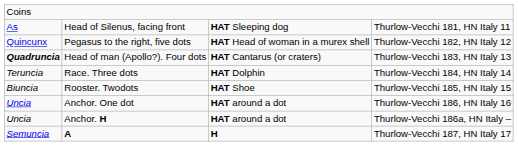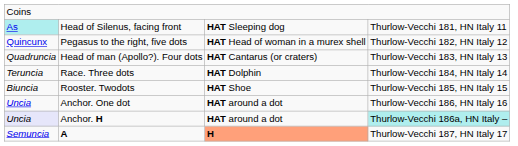 <table class="wikitable">
 <tr>
 <td colspan="4">Coins</td>
 </tr>
 <tr>
-<td><a href='#'>As</a></td>
+<td style="background: paleturquoise;"><a href='#'>As</a></td>
 <td>Head of Silenus, facing front</td>
 <td><strong>HAT</strong> Sleeping dog</td>
 <td>Thurlow-Vecchi 181, HN Italy 11</td>
 </tr>
 <tr>
 <td><a href='#'>Quincunx</a></td>
 <td>Pegasus to the right, five dots</td>
 <td><strong>HAT</strong> Head of woman in a murex shell</td>
 <td>Thurlow-Vecchi 182, HN Italy 12</td>
 </tr>
 <tr>
-<td><strong><em>Quadruncia</em></strong></td>
+<td><em>Quadruncia</em></td>
 <td>Head of man (Apollo?). Four dots</td>
 <td><strong>HAT</strong> Cantarus (or craters)</td>
 <td>Thurlow-Vecchi 183, HN Italy 13</td>
 </tr>
 <tr>
 <td><em>Teruncia</em></td>
 <td>Race. Three dots</td>
 <td><strong>HAT</strong> Dolphin</td>
 <td>Thurlow-Vecchi 184, HN Italy 14</td>
 </tr>
 <tr>
 <td><em>Biuncia</em></td>
 <td>Rooster. Twodots</td>
 <td><strong>HAT</strong> Shoe</td>
 <td>Thurlow-Vecchi 185, HN Italy 15</td>
 </tr>
 <tr>
 <td><em><a href='#'>Uncia</a></em></td>
 <td>Anchor. One dot</td>
 <td><strong>HAT</strong> around a dot</td>
 <td>Thurlow-Vecchi 186, HN Italy 16</td>
 </tr>
 <tr>
-<td><em>Uncia</em></td>
+<td style="background: lavender;"><em>Uncia</em></td>
 <td>Anchor. <strong>H</strong></td>
 <td><strong>HAT</strong> around a dot</td>
-<td>Thurlow-Vecchi 186a, HN Italy –</td>
+<td style="background: paleturquoise;">Thurlow-Vecchi 186a, HN Italy –</td>
 </tr>
 <tr>
 <td><em><a href='#'>Semuncia</a></em></td>
 <td><strong>A</strong></td>
-<td><strong>H</strong></td>
+<td style="background: lightsalmon;"><strong>H</strong></td>
 <td>Thurlow-Vecchi 187, HN Italy 17</td>
 </tr>
 </table>
